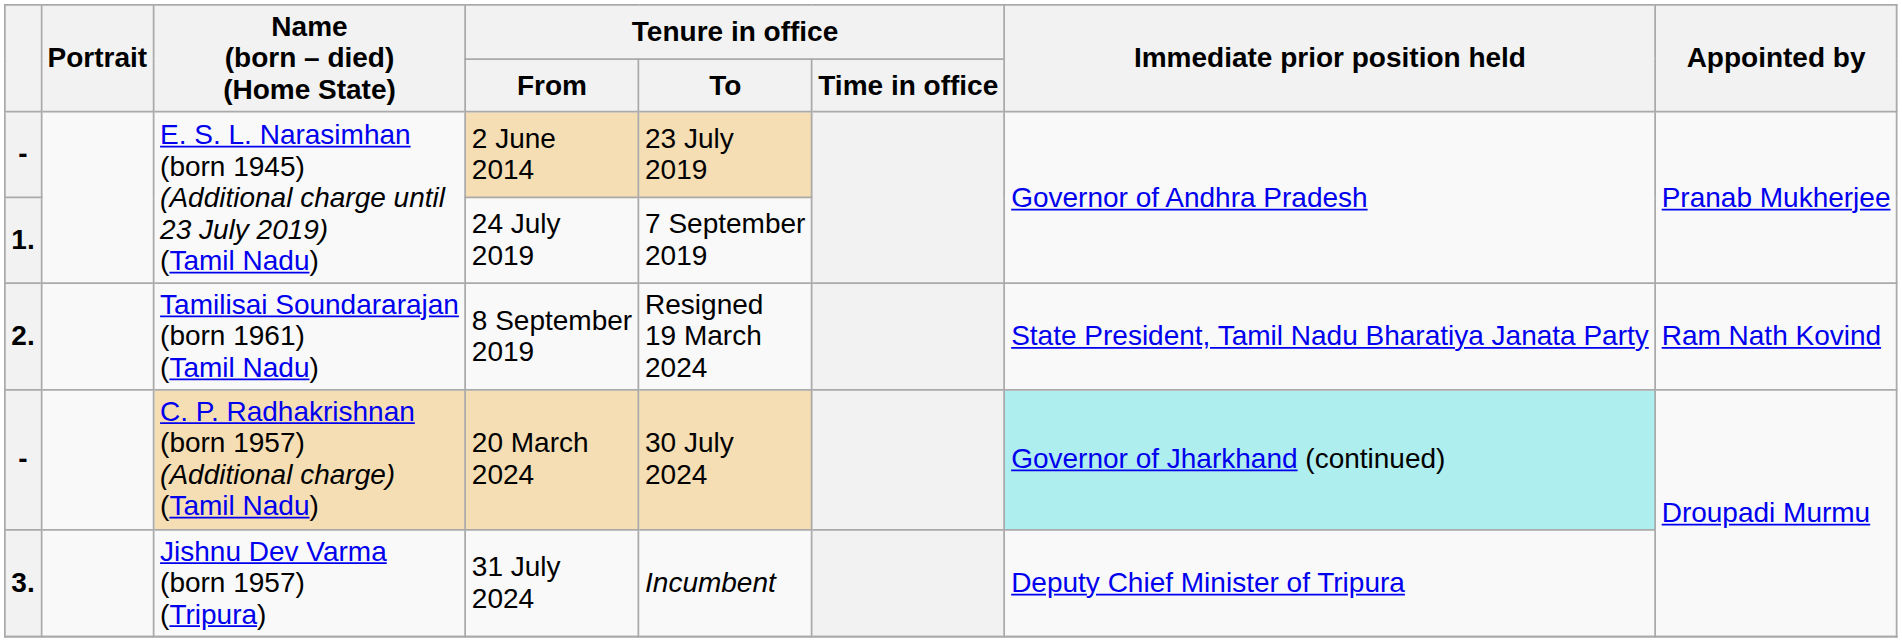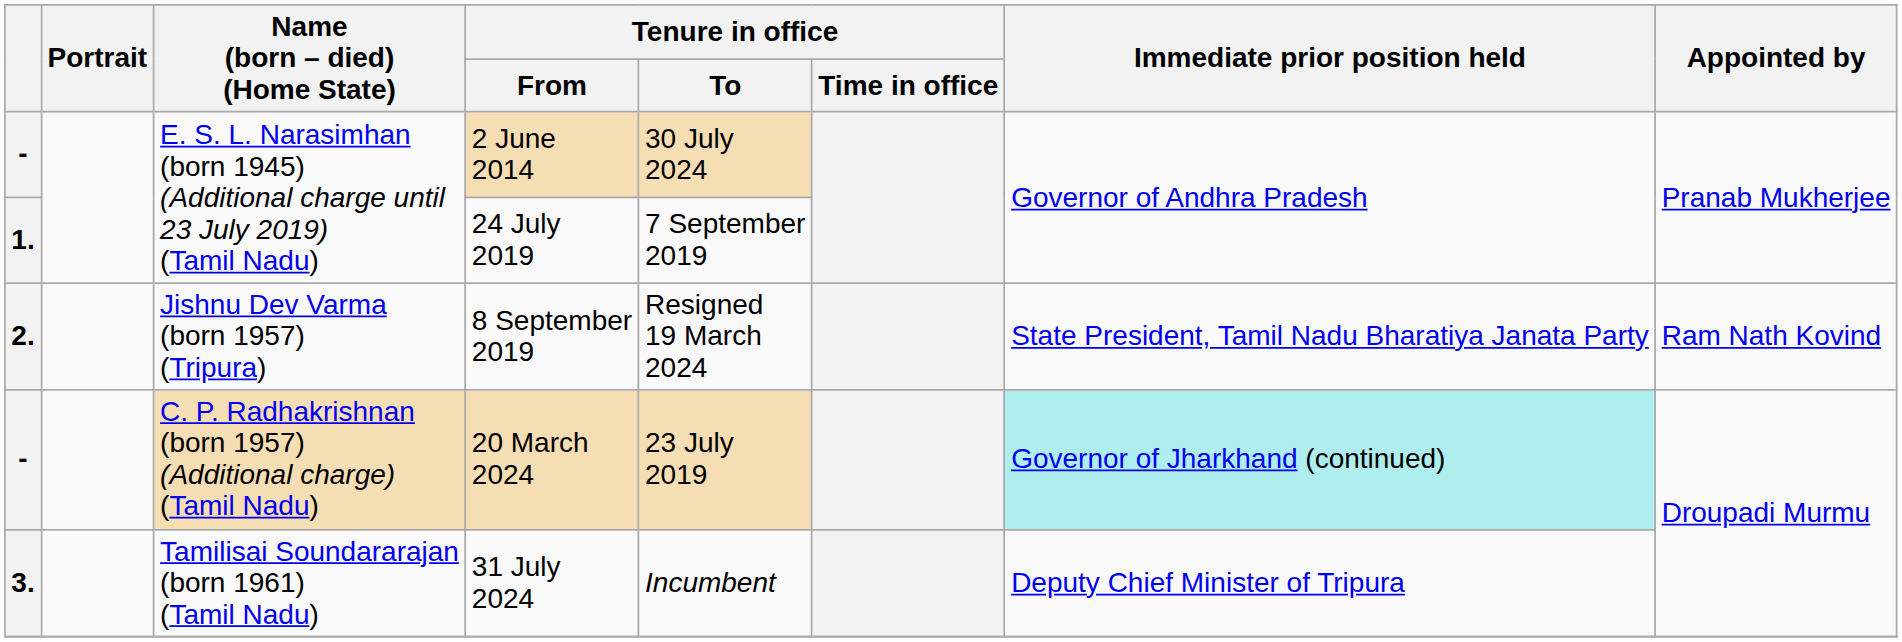 <table class="wikitable sortable">
 <tr>
 <th rowspan=2></th>
 <th rowspan=2>Portrait</th>
 <th rowspan=2>Name<br>(born – died)<br>(Home State)</th>
 <th colspan=3>Tenure in office</th>
 <th rowspan=2>Immediate prior position held</th>
 <th rowspan=2>Appointed by</th>
 </tr>
 <tr>
 <th>From</th>
 <th>To</th>
 <th>Time in office</th>
 </tr>
 <tr>
 <th>-</th>
 <td rowspan=2></td>
 <td rowspan=2><a href='#'>E. S. L. Narasimhan</a><br>(born 1945)<br><em>(Additional charge until<br>23 July 2019)</em> <br>(<a href='#'>Tamil Nadu</a>)</td>
 <td bgcolor="wheat">2 June<br>2014</td>
-<td bgcolor="wheat">23 July<br>2019</td>
+<td bgcolor="wheat">30 July<br>2024</td>
 <th rowspan=2></th>
 <td rowspan=2><a href='#'>Governor of Andhra Pradesh</a></td>
 <td rowspan=2><a href='#'>Pranab Mukherjee</a></td>
 </tr>
 <tr>
 <th>1.</th>
 <td>24 July<br>2019</td>
 <td>7 September<br>2019</td>
 </tr>
 <tr>
 <th>2.</th>
 <td></td>
-<td><a href='#'>Tamilisai Soundararajan</a><br>(born 1961)<br>(<a href='#'>Tamil Nadu</a>)</td>
+<td><a href='#'>Jishnu Dev Varma</a><br>(born 1957)<br>(<a href='#'>Tripura</a>)</td>
 <td>8 September<br>2019</td>
 <td>Resigned<br>19 March<br>2024</td>
 <th></th>
 <td><a href='#'>State President, Tamil Nadu Bharatiya Janata Party</a></td>
 <td><a href='#'>Ram Nath Kovind</a></td>
 </tr>
 <tr>
 <th>-</th>
 <td></td>
 <td bgcolor="wheat"><a href='#'>C. P. Radhakrishnan</a><br>(born 1957)<br><em>(Additional charge)</em><br>(<a href='#'>Tamil Nadu</a>)</td>
 <td bgcolor="wheat">20 March<br>2024</td>
-<td bgcolor="wheat">30 July<br>2024</td>
+<td bgcolor="wheat">23 July<br>2019</td>
 <th></th>
 <td style="background: paleturquoise;"><a href='#'>Governor of Jharkhand</a> (continued)</td>
 <td rowspan=2><a href='#'>Droupadi Murmu</a></td>
 </tr>
 <tr>
 <th>3.</th>
 <td></td>
-<td><a href='#'>Jishnu Dev Varma</a><br>(born 1957)<br>(<a href='#'>Tripura</a>)</td>
+<td><a href='#'>Tamilisai Soundararajan</a><br>(born 1961)<br>(<a href='#'>Tamil Nadu</a>)</td>
 <td>31 July<br>2024</td>
 <td><em>Incumbent</em></td>
 <th></th>
 <td><a href='#'>Deputy Chief Minister of Tripura</a></td>
 </tr>
 <tr>
 </tr>
 </table>
